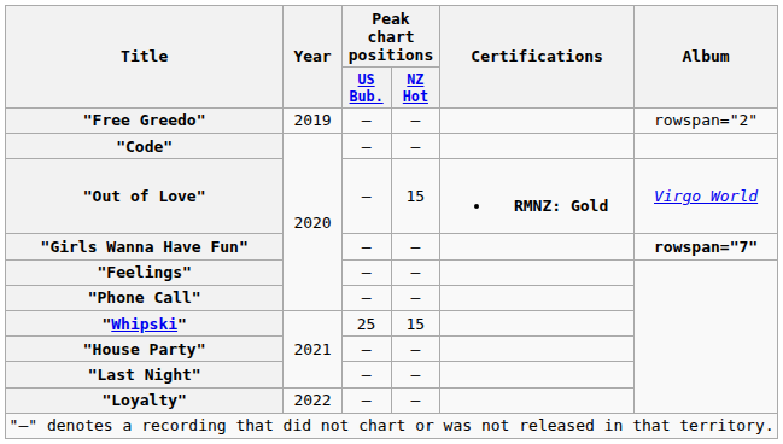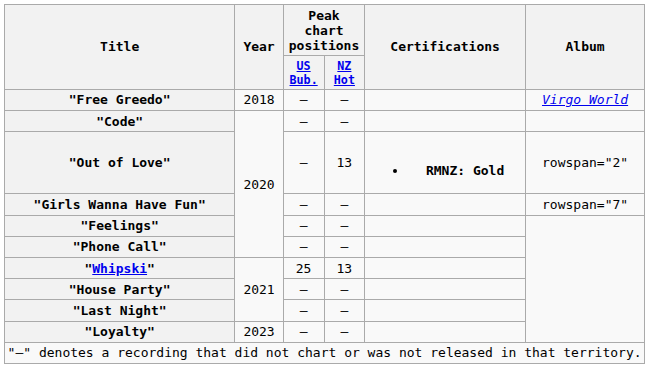 <table class="wikitable plainrowheaders" style="text-align:center;">
 <tr>
 <th rowspan="2">Title</th>
 <th rowspan="2">Year</th>
 <th colspan="2">Peak chart positions</th>
 <th rowspan="2">Certifications</th>
 <th rowspan="2">Album</th>
 </tr>
 <tr>
 <th scope="col" style="width:3em;font-size:90%;"><a href='#'>US<br>Bub.</a><br></th>
 <th scope="col" style="width:3em;font-size:90%;"><a href='#'>NZ<br>Hot</a><br></th>
 </tr>
 <tr>
 <th scope="row">"Free Greedo"<br></th>
-<td>2019</td>
+<td>2018</td>
 <td>—</td>
 <td>—</td>
 <td></td>
-<td>rowspan="2" </td>
+<td><em><a href='#'>Virgo World</a></em></td>
 </tr>
 <tr>
 <th scope="row">"Code"<br></th>
 <td rowspan="5">2020</td>
 <td>—</td>
 <td>—</td>
 <td></td>
 </tr>
 <tr>
 <th scope="row">"Out of Love"<br></th>
 <td>—</td>
-<td>15</td>
+<td>13</td>
 <td><strong><br><ul><li>RMNZ: Gold</li></ul></strong></td>
-<td><em><a href='#'>Virgo World</a></em></td>
+<td>rowspan="2" </td>
 </tr>
 <tr>
 <th scope="row">"Girls Wanna Have Fun"<br></th>
 <td>—</td>
 <td>—</td>
 <td></td>
-<td><strong>rowspan="7" </strong></td>
+<td>rowspan="7" </td>
 </tr>
 <tr>
 <th scope="row">"Feelings"<br></th>
 <td>—</td>
 <td>—</td>
 <td></td>
 </tr>
 <tr>
 <th scope="row">"Phone Call"<br></th>
 <td>—</td>
 <td>—</td>
 <td></td>
 </tr>
 <tr>
 <th scope="row">"<a href='#'>Whipski</a>"<br></th>
 <td rowspan="3">2021</td>
 <td>25</td>
-<td>15</td>
+<td>13</td>
 <td></td>
 </tr>
 <tr>
 <th scope="row">"House Party"<br></th>
 <td>—</td>
 <td>—</td>
 <td></td>
 </tr>
 <tr>
 <th scope="row">"Last Night"<br></th>
 <td>—</td>
 <td>—</td>
 <td></td>
 </tr>
 <tr>
 <th scope="row">"Loyalty"<br></th>
-<td>2022</td>
+<td>2023</td>
 <td>—</td>
 <td>—</td>
 <td></td>
 </tr>
 <tr>
 <td colspan="8">"—" denotes a recording that did not chart or was not released in that territory.</td>
 </tr>
 </table>
